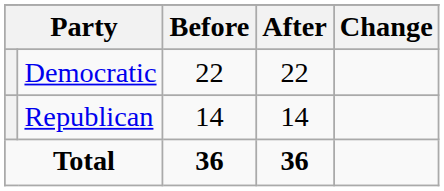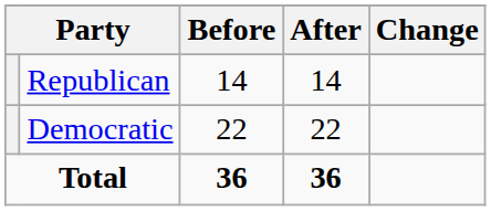 <table class="wikitable" style="text-align:center;">
 <tr>
 </tr>
 <tr>
 <th colspan=2>Party</th>
 <th>Before</th>
 <th>After</th>
 <th>Change</th>
 </tr>
 <tr>
 <th style="background-color:"></th>
-<td style="text-align:left;"><a href='#'>Democratic</a></td>
-<td>22</td>
-<td>22</td>
+<td style="text-align:left;"><a href='#'>Republican</a></td>
+<td>14</td>
+<td>14</td>
 <td></td>
 </tr>
 <tr>
 <th style="background-color:"></th>
-<td style="text-align:left;"><a href='#'>Republican</a></td>
-<td>14</td>
-<td>14</td>
+<td style="text-align:left;"><a href='#'>Democratic</a></td>
+<td>22</td>
+<td>22</td>
 <td></td>
 </tr>
 <tr>
 <td colspan=2><strong>Total</strong></td>
 <td><strong>36</strong></td>
 <td><strong>36</strong></td>
 <td></td>
 </tr>
 </table>
